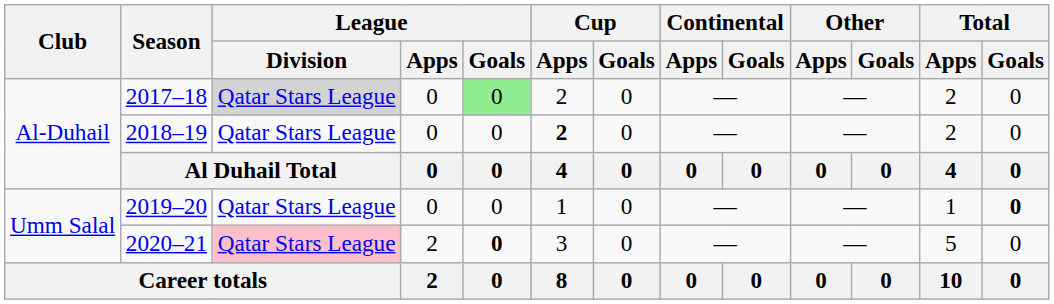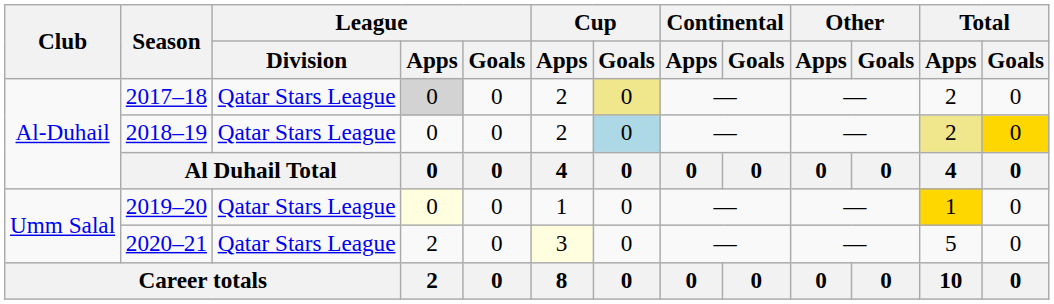 <table class="wikitable" style="text-align: center">
 <tr>
 <th rowspan="2">Club</th>
 <th rowspan="2">Season</th>
 <th colspan="3">League</th>
 <th colspan="2">Cup</th>
 <th colspan="2">Continental</th>
 <th colspan="2">Other</th>
 <th colspan="2">Total</th>
 </tr>
 <tr>
 <th>Division</th>
 <th>Apps</th>
 <th>Goals</th>
 <th>Apps</th>
 <th>Goals</th>
 <th>Apps</th>
 <th>Goals</th>
 <th>Apps</th>
 <th>Goals</th>
 <th>Apps</th>
 <th>Goals</th>
 </tr>
 <tr>
 <td rowspan=3><a href='#'>Al-Duhail</a></td>
 <td><a href='#'>2017–18</a></td>
-<td style="background: lightgrey;"><a href='#'>Qatar Stars League</a></td>
+<td><a href='#'>Qatar Stars League</a></td>
+<td style="background: lightgrey;">0</td>
 <td>0</td>
-<td style="background: lightgreen;">0</td>
 <td>2</td>
-<td>0</td>
+<td style="background: khaki;">0</td>
 <td colspan="2">—</td>
 <td colspan="2">—</td>
 <td>2</td>
 <td>0</td>
 </tr>
 <tr>
 <td><a href='#'>2018–19</a></td>
 <td><a href='#'>Qatar Stars League</a></td>
 <td>0</td>
 <td>0</td>
-<td><strong>2</strong></td>
-<td>0</td>
+<td>2</td>
+<td style="background: lightblue;">0</td>
 <td colspan="2">—</td>
 <td colspan="2">—</td>
-<td>2</td>
-<td>0</td>
+<td style="background: khaki;">2</td>
+<td style="background: gold;">0</td>
 </tr>
 <tr>
 <th colspan="2">Al Duhail Total</th>
 <th>0</th>
 <th>0</th>
 <th>4</th>
 <th>0</th>
 <th>0</th>
 <th>0</th>
 <th>0</th>
 <th>0</th>
 <th>4</th>
 <th>0</th>
 </tr>
 <tr>
 <td rowspan=2><a href='#'>Umm Salal</a></td>
 <td><a href='#'>2019–20</a></td>
 <td><a href='#'>Qatar Stars League</a></td>
-<td>0</td>
+<td style="background: lightyellow;">0</td>
 <td>0</td>
 <td>1</td>
 <td>0</td>
 <td colspan=2>—</td>
 <td colspan=2>—</td>
-<td>1</td>
-<td><strong>0</strong></td>
+<td style="background: gold;">1</td>
+<td>0</td>
 </tr>
 <tr>
 <td><a href='#'>2020–21</a></td>
-<td style="background: pink;"><a href='#'>Qatar Stars League</a></td>
+<td><a href='#'>Qatar Stars League</a></td>
 <td>2</td>
-<td><strong>0</strong></td>
-<td>3</td>
+<td>0</td>
+<td style="background: lightyellow;">3</td>
 <td>0</td>
 <td colspan=2>—</td>
 <td colspan=2>—</td>
 <td>5</td>
 <td>0</td>
 </tr>
 <tr>
 <th colspan=3>Career totals</th>
 <th>2</th>
 <th>0</th>
 <th>8</th>
 <th>0</th>
 <th>0</th>
 <th>0</th>
 <th>0</th>
 <th>0</th>
 <th>10</th>
 <th>0</th>
 </tr>
 </table>
